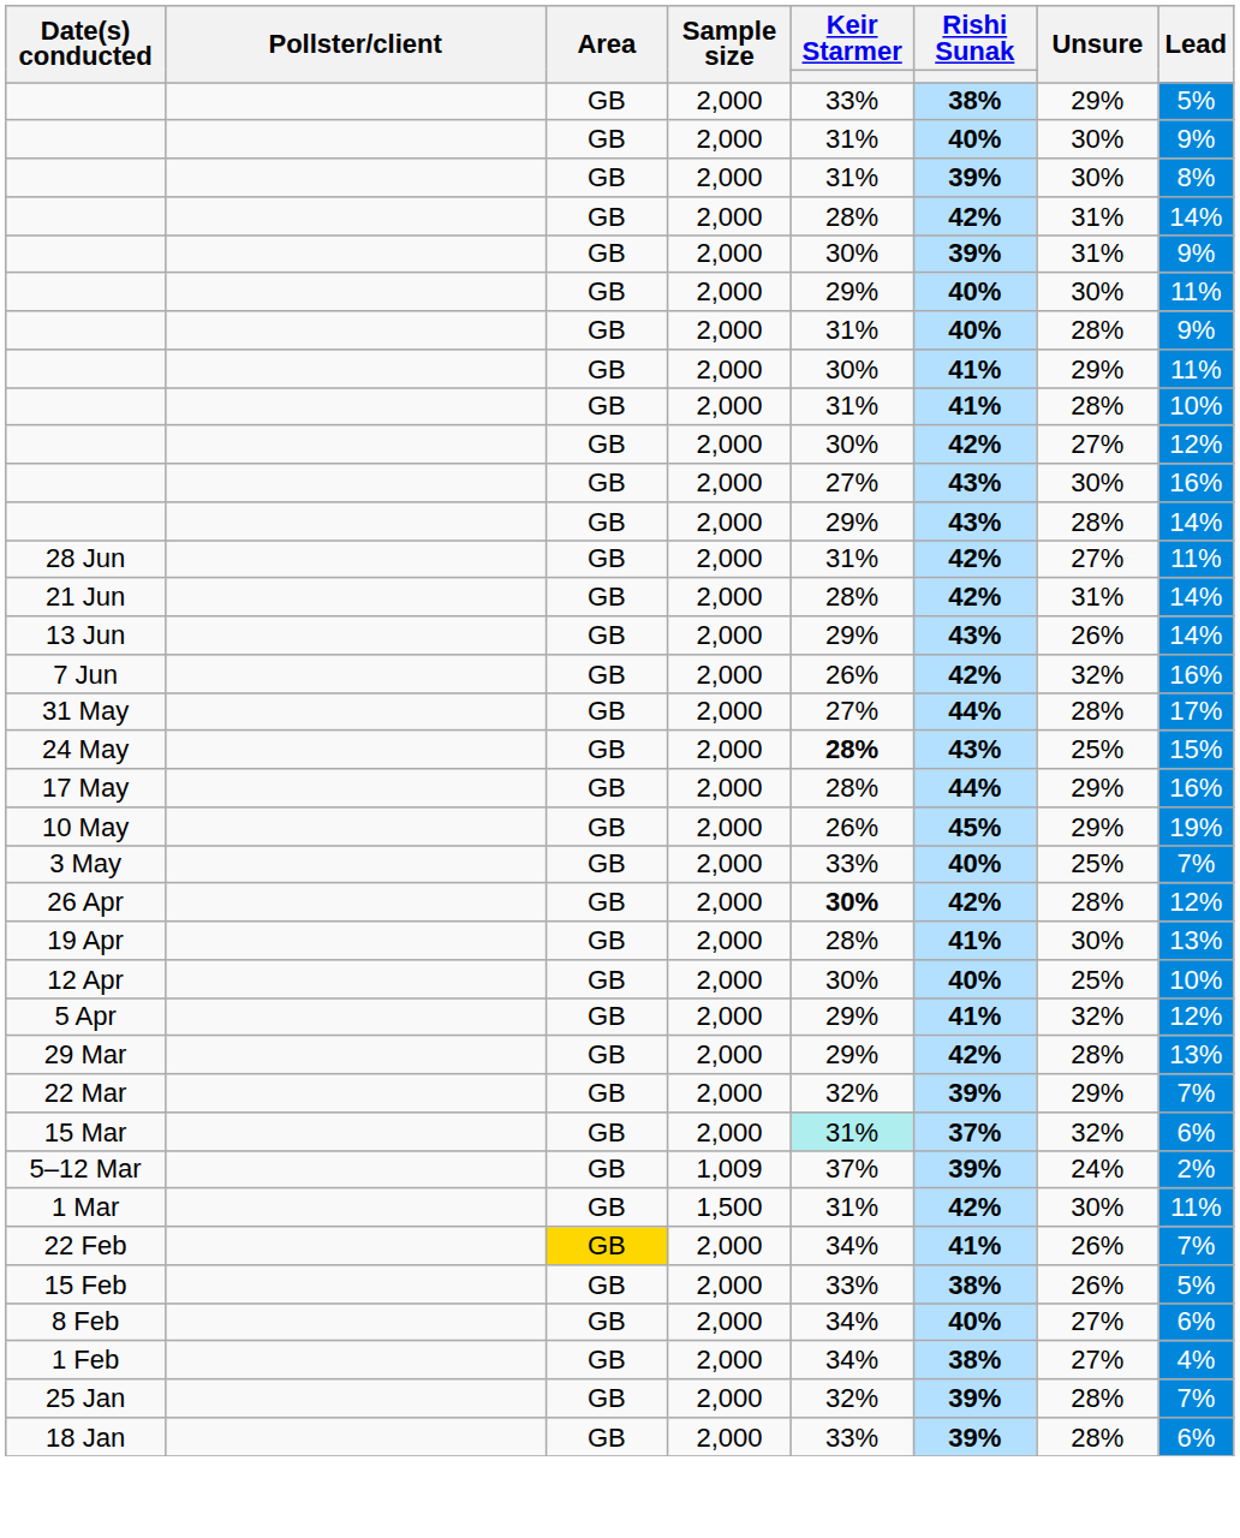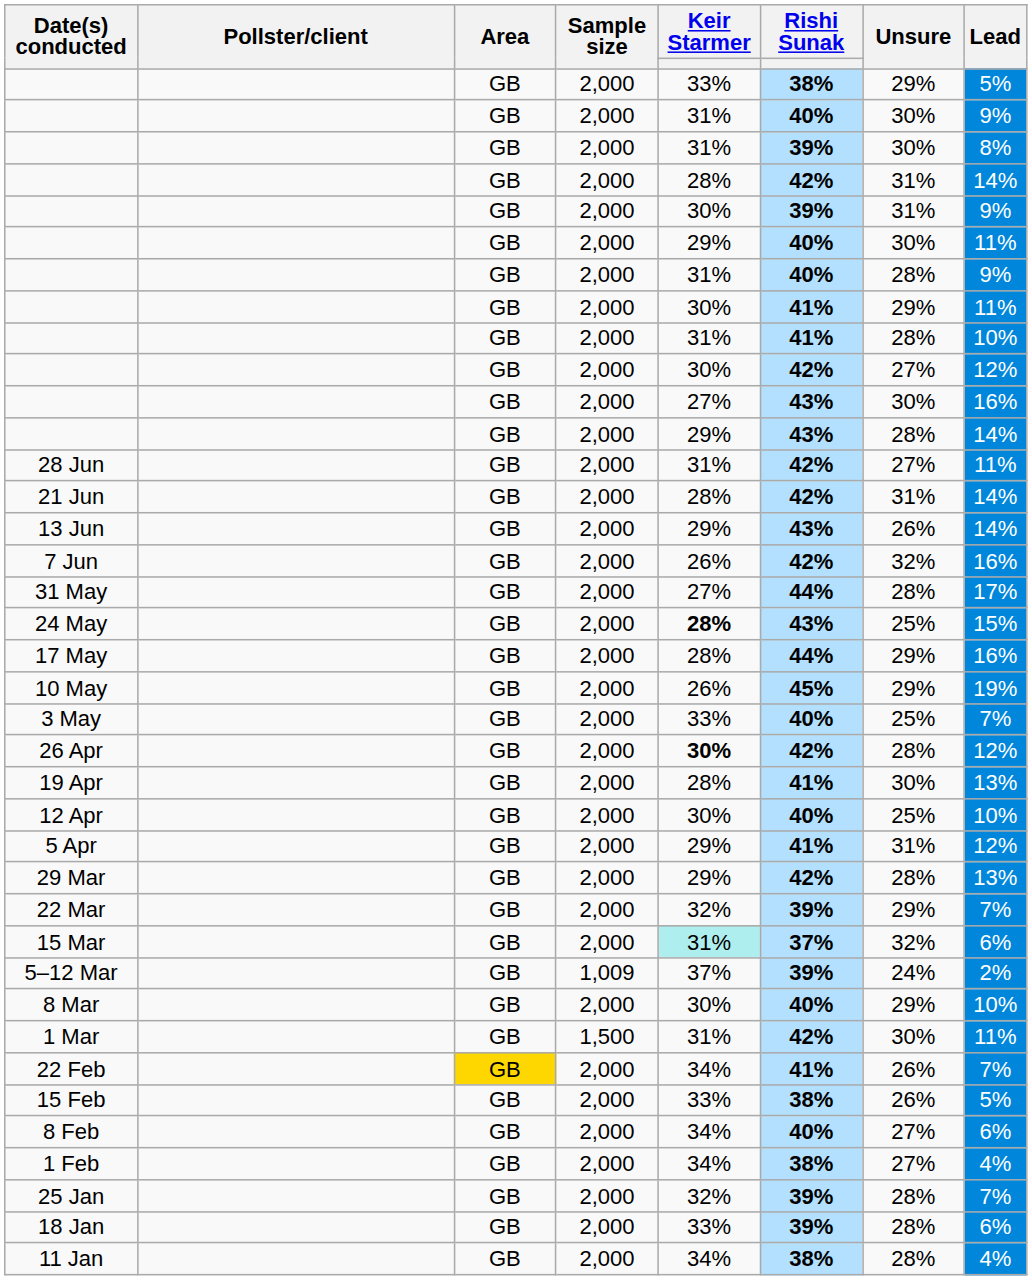 <table class="wikitable collapsible sortable mw-datatable" style="text-align:center;font-size:90%;line-height:14px">
 <tr>
 <th style="width:80px;" rowspan="2" class="unsortable">Date(s)<br>conducted</th>
 <th style="width:200px;" rowspan="2">Pollster/client</th>
 <th style="width:60px;" rowspan="2">Area</th>
 <th style="width:60px;" rowspan="2">Sample size</th>
 <th style="width:60px;" class="unsortable"><a href='#'>Keir Starmer</a></th>
 <th style="width:60px;" class="unsortable"><a href='#'>Rishi Sunak</a></th>
 <th style="width:60px;" rowspan="2" class="unsortable">Unsure</th>
 <th class="unsortable" style="width:20px;" rowspan="2">Lead</th>
 </tr>
 <tr>
 <th class="unsortable" style="color:inherit;background:"></th>
 <th class="unsortable" style="color:inherit;background:"></th>
 </tr>
 <tr>
 <td></td>
 <td></td>
 <td>GB</td>
 <td>2,000</td>
 <td>33%</td>
 <td style="background:#B3E0FF"><strong>38%</strong></td>
 <td>29%</td>
 <td style="background:#0087DC; color:white;">5%</td>
 </tr>
 <tr>
 <td></td>
 <td></td>
 <td>GB</td>
 <td>2,000</td>
 <td>31%</td>
 <td style="background:#B3E0FF"><strong>40%</strong></td>
 <td>30%</td>
 <td style="background:#0087DC; color:white;">9%</td>
 </tr>
 <tr>
 <td></td>
 <td></td>
 <td>GB</td>
 <td>2,000</td>
 <td>31%</td>
 <td style="background:#B3E0FF"><strong>39%</strong></td>
 <td>30%</td>
 <td style="background:#0087DC; color:white;">8%</td>
 </tr>
 <tr>
 <td></td>
 <td></td>
 <td>GB</td>
 <td>2,000</td>
 <td>28%</td>
 <td style="background:#B3E0FF"><strong>42%</strong></td>
 <td>31%</td>
 <td style="background:#0087DC; color:white;">14%</td>
 </tr>
 <tr>
 <td></td>
 <td></td>
 <td>GB</td>
 <td>2,000</td>
 <td>30%</td>
 <td style="background:#B3E0FF"><strong>39%</strong></td>
 <td>31%</td>
 <td style="background:#0087DC; color:white;">9%</td>
 </tr>
 <tr>
 <td></td>
 <td></td>
 <td>GB</td>
 <td>2,000</td>
 <td>29%</td>
 <td style="background:#B3E0FF"><strong>40%</strong></td>
 <td>30%</td>
 <td style="background:#0087DC; color:white;">11%</td>
 </tr>
 <tr>
 <td></td>
 <td></td>
 <td>GB</td>
 <td>2,000</td>
 <td>31%</td>
 <td style="background:#B3E0FF"><strong>40%</strong></td>
 <td>28%</td>
 <td style="background:#0087DC; color:white;">9%</td>
 </tr>
 <tr>
 <td></td>
 <td></td>
 <td>GB</td>
 <td>2,000</td>
 <td>30%</td>
 <td style="background:#B3E0FF"><strong>41%</strong></td>
 <td>29%</td>
 <td style="background:#0087DC; color:white;">11%</td>
 </tr>
 <tr>
 <td></td>
 <td></td>
 <td>GB</td>
 <td>2,000</td>
 <td>31%</td>
 <td style="background:#B3E0FF"><strong>41%</strong></td>
 <td>28%</td>
 <td style="background:#0087DC; color:white;">10%</td>
 </tr>
 <tr>
 <td></td>
 <td></td>
 <td>GB</td>
 <td>2,000</td>
 <td>30%</td>
 <td style="background:#B3E0FF"><strong>42%</strong></td>
 <td>27%</td>
 <td style="background:#0087DC; color:white;">12%</td>
 </tr>
 <tr>
 <td></td>
 <td></td>
 <td>GB</td>
 <td>2,000</td>
 <td>27%</td>
 <td style="background:#B3E0FF"><strong>43%</strong></td>
 <td>30%</td>
 <td style="background:#0087DC; color:white;">16%</td>
 </tr>
 <tr>
 <td></td>
 <td></td>
 <td>GB</td>
 <td>2,000</td>
 <td>29%</td>
 <td style="background:#B3E0FF"><strong>43%</strong></td>
 <td>28%</td>
 <td style="background:#0087DC; color:white;">14%</td>
 </tr>
 <tr>
 <td>28 Jun</td>
 <td></td>
 <td>GB</td>
 <td>2,000</td>
 <td>31%</td>
 <td style="background:#B3E0FF"><strong>42%</strong></td>
 <td>27%</td>
 <td style="background:#0087DC; color:white;">11%</td>
 </tr>
 <tr>
 <td>21 Jun</td>
 <td></td>
 <td>GB</td>
 <td>2,000</td>
 <td>28%</td>
 <td style="background:#B3E0FF"><strong>42%</strong></td>
 <td>31%</td>
 <td style="background:#0087DC; color:white;">14%</td>
 </tr>
 <tr>
 <td>13 Jun</td>
 <td></td>
 <td>GB</td>
 <td>2,000</td>
 <td>29%</td>
 <td style="background:#B3E0FF"><strong>43%</strong></td>
 <td>26%</td>
 <td style="background:#0087DC; color:white;">14%</td>
 </tr>
 <tr>
 <td>7 Jun</td>
 <td></td>
 <td>GB</td>
 <td>2,000</td>
 <td>26%</td>
 <td style="background:#B3E0FF"><strong>42%</strong></td>
 <td>32%</td>
 <td style="background:#0087DC; color:white;">16%</td>
 </tr>
 <tr>
 <td>31 May</td>
 <td></td>
 <td>GB</td>
 <td>2,000</td>
 <td>27%</td>
 <td style="background:#B3E0FF"><strong>44%</strong></td>
 <td>28%</td>
 <td style="background:#0087DC; color:white;">17%</td>
 </tr>
 <tr>
 <td>24 May</td>
 <td></td>
 <td>GB</td>
 <td>2,000</td>
 <td><strong>28%</strong></td>
 <td style="background:#B3E0FF"><strong>43%</strong></td>
 <td>25%</td>
 <td style="background:#0087DC; color:white;">15%</td>
 </tr>
 <tr>
 <td>17 May</td>
 <td></td>
 <td>GB</td>
 <td>2,000</td>
 <td>28%</td>
 <td style="background:#B3E0FF"><strong>44%</strong></td>
 <td>29%</td>
 <td style="background:#0087DC; color:white;">16%</td>
 </tr>
 <tr>
 <td>10 May</td>
 <td></td>
 <td>GB</td>
 <td>2,000</td>
 <td>26%</td>
 <td style="background:#B3E0FF"><strong>45%</strong></td>
 <td>29%</td>
 <td style="background:#0087DC; color:white;">19%</td>
 </tr>
 <tr>
 <td>3 May</td>
 <td></td>
 <td>GB</td>
 <td>2,000</td>
 <td>33%</td>
 <td style="background:#B3E0FF"><strong>40%</strong></td>
 <td>25%</td>
 <td style="background:#0087DC; color:white;">7%</td>
 </tr>
 <tr>
 <td>26 Apr</td>
 <td></td>
 <td>GB</td>
 <td>2,000</td>
 <td><strong>30%</strong></td>
 <td style="background:#B3E0FF"><strong>42%</strong></td>
 <td>28%</td>
 <td style="background:#0087DC; color:white;">12%</td>
 </tr>
 <tr>
 <td>19 Apr</td>
 <td></td>
 <td>GB</td>
 <td>2,000</td>
 <td>28%</td>
 <td style="background:#B3E0FF"><strong>41%</strong></td>
 <td>30%</td>
 <td style="background:#0087DC; color:white;">13%</td>
 </tr>
 <tr>
 <td>12 Apr</td>
 <td></td>
 <td>GB</td>
 <td>2,000</td>
 <td>30%</td>
 <td style="background:#B3E0FF"><strong>40%</strong></td>
 <td>25%</td>
 <td style="background:#0087DC; color:white;">10%</td>
 </tr>
 <tr>
 <td>5 Apr</td>
 <td></td>
 <td>GB</td>
 <td>2,000</td>
 <td>29%</td>
 <td style="background:#B3E0FF"><strong>41%</strong></td>
-<td>32%</td>
+<td>31%</td>
 <td style="background:#0087DC; color:white;">12%</td>
 </tr>
 <tr>
 <td>29 Mar</td>
 <td></td>
 <td>GB</td>
 <td>2,000</td>
 <td>29%</td>
 <td style="background:#B3E0FF"><strong>42%</strong></td>
 <td>28%</td>
 <td style="background:#0087DC; color:white;">13%</td>
 </tr>
 <tr>
 <td>22 Mar</td>
 <td></td>
 <td>GB</td>
 <td>2,000</td>
 <td>32%</td>
 <td style="background:#B3E0FF"><strong>39%</strong></td>
 <td>29%</td>
 <td style="background:#0087DC; color:white;">7%</td>
 </tr>
 <tr>
 <td>15 Mar</td>
 <td></td>
 <td>GB</td>
 <td>2,000</td>
 <td style="background: paleturquoise;">31%</td>
 <td style="background:#B3E0FF"><strong>37%</strong></td>
 <td>32%</td>
 <td style="background:#0087DC; color:white;">6%</td>
 </tr>
 <tr>
 <td>5–12 Mar</td>
 <td></td>
 <td>GB</td>
 <td>1,009</td>
 <td>37%</td>
 <td style="background:#B3E0FF"><strong>39%</strong></td>
 <td>24%</td>
 <td style="background:#0087DC; color:white;">2%</td>
+</tr>
+<tr>
+<td>8 Mar</td>
+<td></td>
+<td>GB</td>
+<td>2,000</td>
+<td>30%</td>
+<td style="background:#B3E0FF"><strong>40%</strong></td>
+<td>29%</td>
+<td style="background:#0087DC; color:white;">10%</td>
 </tr>
 <tr>
 <td>1 Mar</td>
 <td></td>
 <td>GB</td>
 <td>1,500</td>
 <td>31%</td>
 <td style="background:#B3E0FF"><strong>42%</strong></td>
 <td>30%</td>
 <td style="background:#0087DC; color:white;">11%</td>
 </tr>
 <tr>
 <td>22 Feb</td>
 <td></td>
 <td style="background: gold;">GB</td>
 <td>2,000</td>
 <td>34%</td>
 <td style="background:#B3E0FF"><strong>41%</strong></td>
 <td>26%</td>
 <td style="background:#0087DC; color:white;">7%</td>
 </tr>
 <tr>
 <td>15 Feb</td>
 <td></td>
 <td>GB</td>
 <td>2,000</td>
 <td>33%</td>
 <td style="background:#B3E0FF"><strong>38%</strong></td>
 <td>26%</td>
 <td style="background:#0087DC; color:white;">5%</td>
 </tr>
 <tr>
 <td>8 Feb</td>
 <td></td>
 <td>GB</td>
 <td>2,000</td>
 <td>34%</td>
 <td style="background:#B3E0FF"><strong>40%</strong></td>
 <td>27%</td>
 <td style="background:#0087DC; color:white;">6%</td>
 </tr>
 <tr>
 <td>1 Feb</td>
 <td></td>
 <td>GB</td>
 <td>2,000</td>
 <td>34%</td>
 <td style="background:#B3E0FF"><strong>38%</strong></td>
 <td>27%</td>
 <td style="background:#0087DC; color:white;">4%</td>
 </tr>
 <tr>
 <td>25 Jan</td>
 <td></td>
 <td>GB</td>
 <td>2,000</td>
 <td>32%</td>
 <td style="background:#B3E0FF"><strong>39%</strong></td>
 <td>28%</td>
 <td style="background:#0087DC; color:white;">7%</td>
 </tr>
 <tr>
 <td>18 Jan</td>
 <td></td>
 <td>GB</td>
 <td>2,000</td>
 <td>33%</td>
 <td style="background:#B3E0FF"><strong>39%</strong></td>
 <td>28%</td>
 <td style="background:#0087DC; color:white;">6%</td>
 </tr>
+<tr>
+<td>11 Jan</td>
+<td></td>
+<td>GB</td>
+<td>2,000</td>
+<td>34%</td>
+<td style="background:#B3E0FF"><strong>38%</strong></td>
+<td>28%</td>
+<td style="background:#0087DC; color:white;">4%</td>
+</tr>
 </table>
